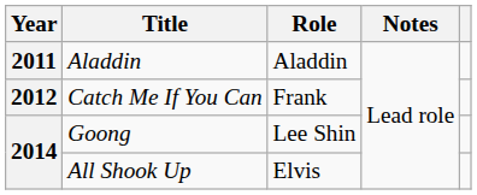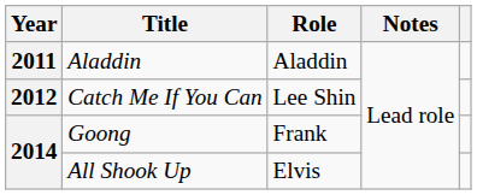 <table class="wikitable plainrowheaders sortable">
 <tr>
 <th scope="col">Year</th>
 <th scope="col">Title</th>
 <th scope="col">Role</th>
 <th scope="col">Notes</th>
 <th scope="col" class="unsortable"></th>
 </tr>
 <tr>
 <th scope="row">2011</th>
 <td><em>Aladdin</em></td>
 <td>Aladdin</td>
 <td rowspan="4">Lead role</td>
 <td style="text-align:center"></td>
 </tr>
 <tr>
 <th scope="row">2012</th>
 <td><em>Catch Me If You Can</em></td>
-<td>Frank</td>
+<td>Lee Shin</td>
 <td style="text-align:center"></td>
 </tr>
 <tr>
 <th scope="row"  rowspan="2">2014</th>
 <td><em>Goong</em></td>
-<td>Lee Shin</td>
+<td>Frank</td>
 <td style="text-align:center"></td>
 </tr>
 <tr>
 <td><em>All Shook Up</em></td>
 <td>Elvis</td>
 <td style="text-align:center"></td>
 </tr>
 </table>
